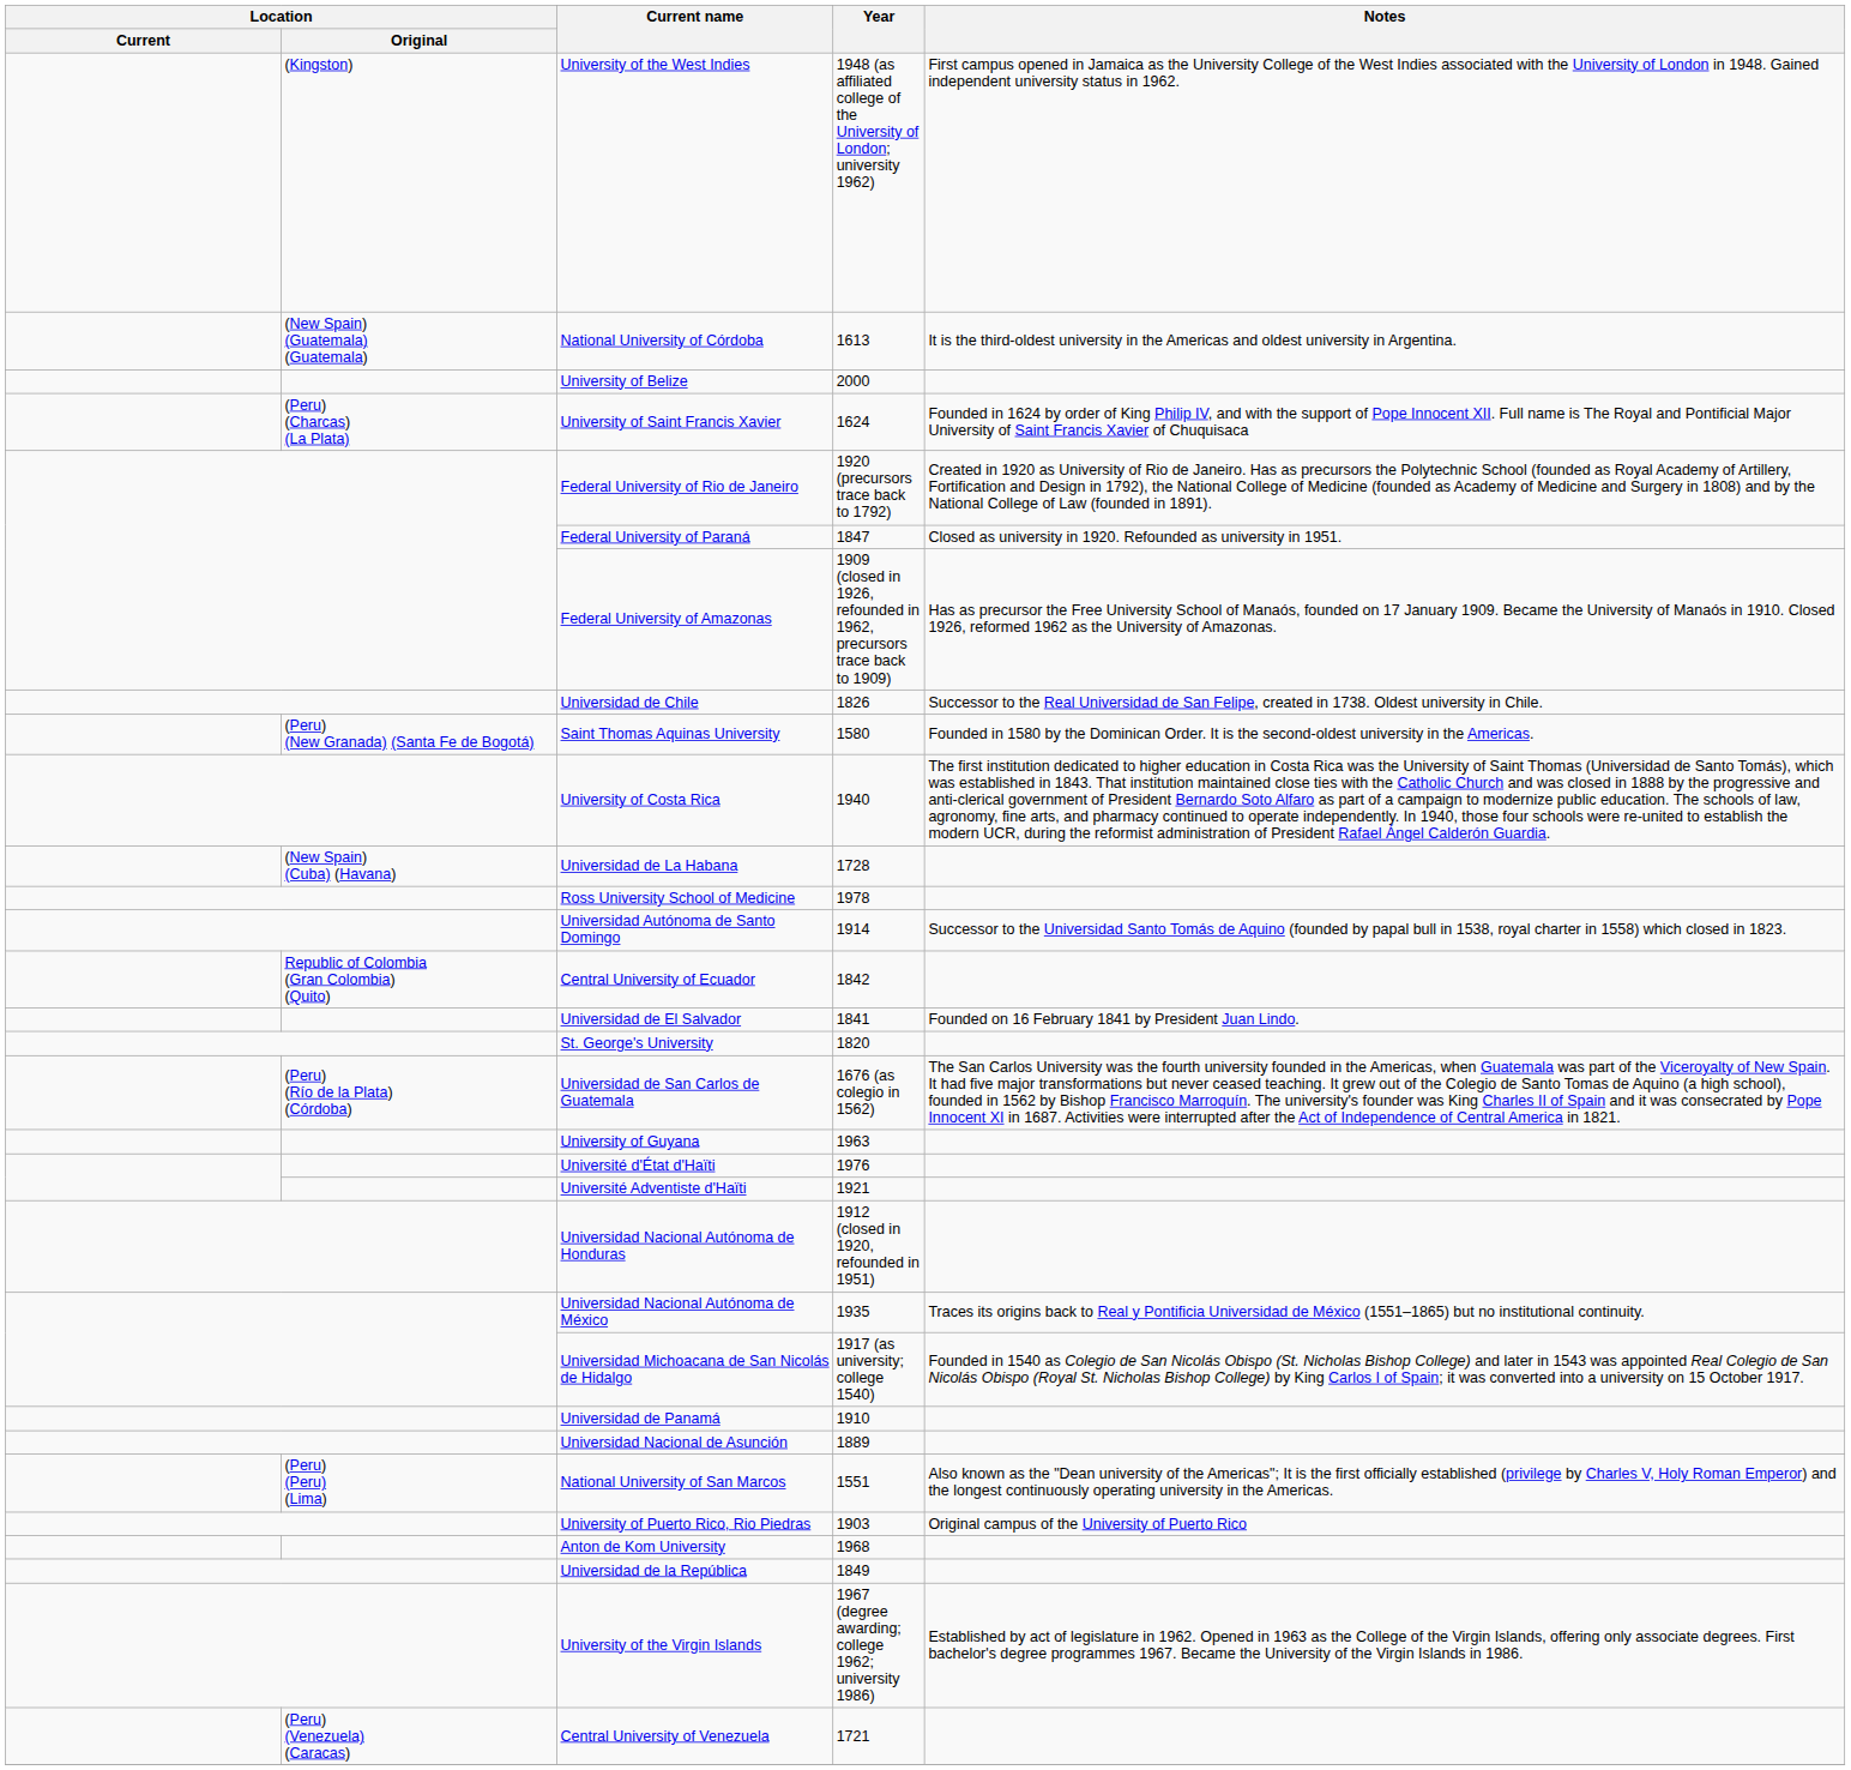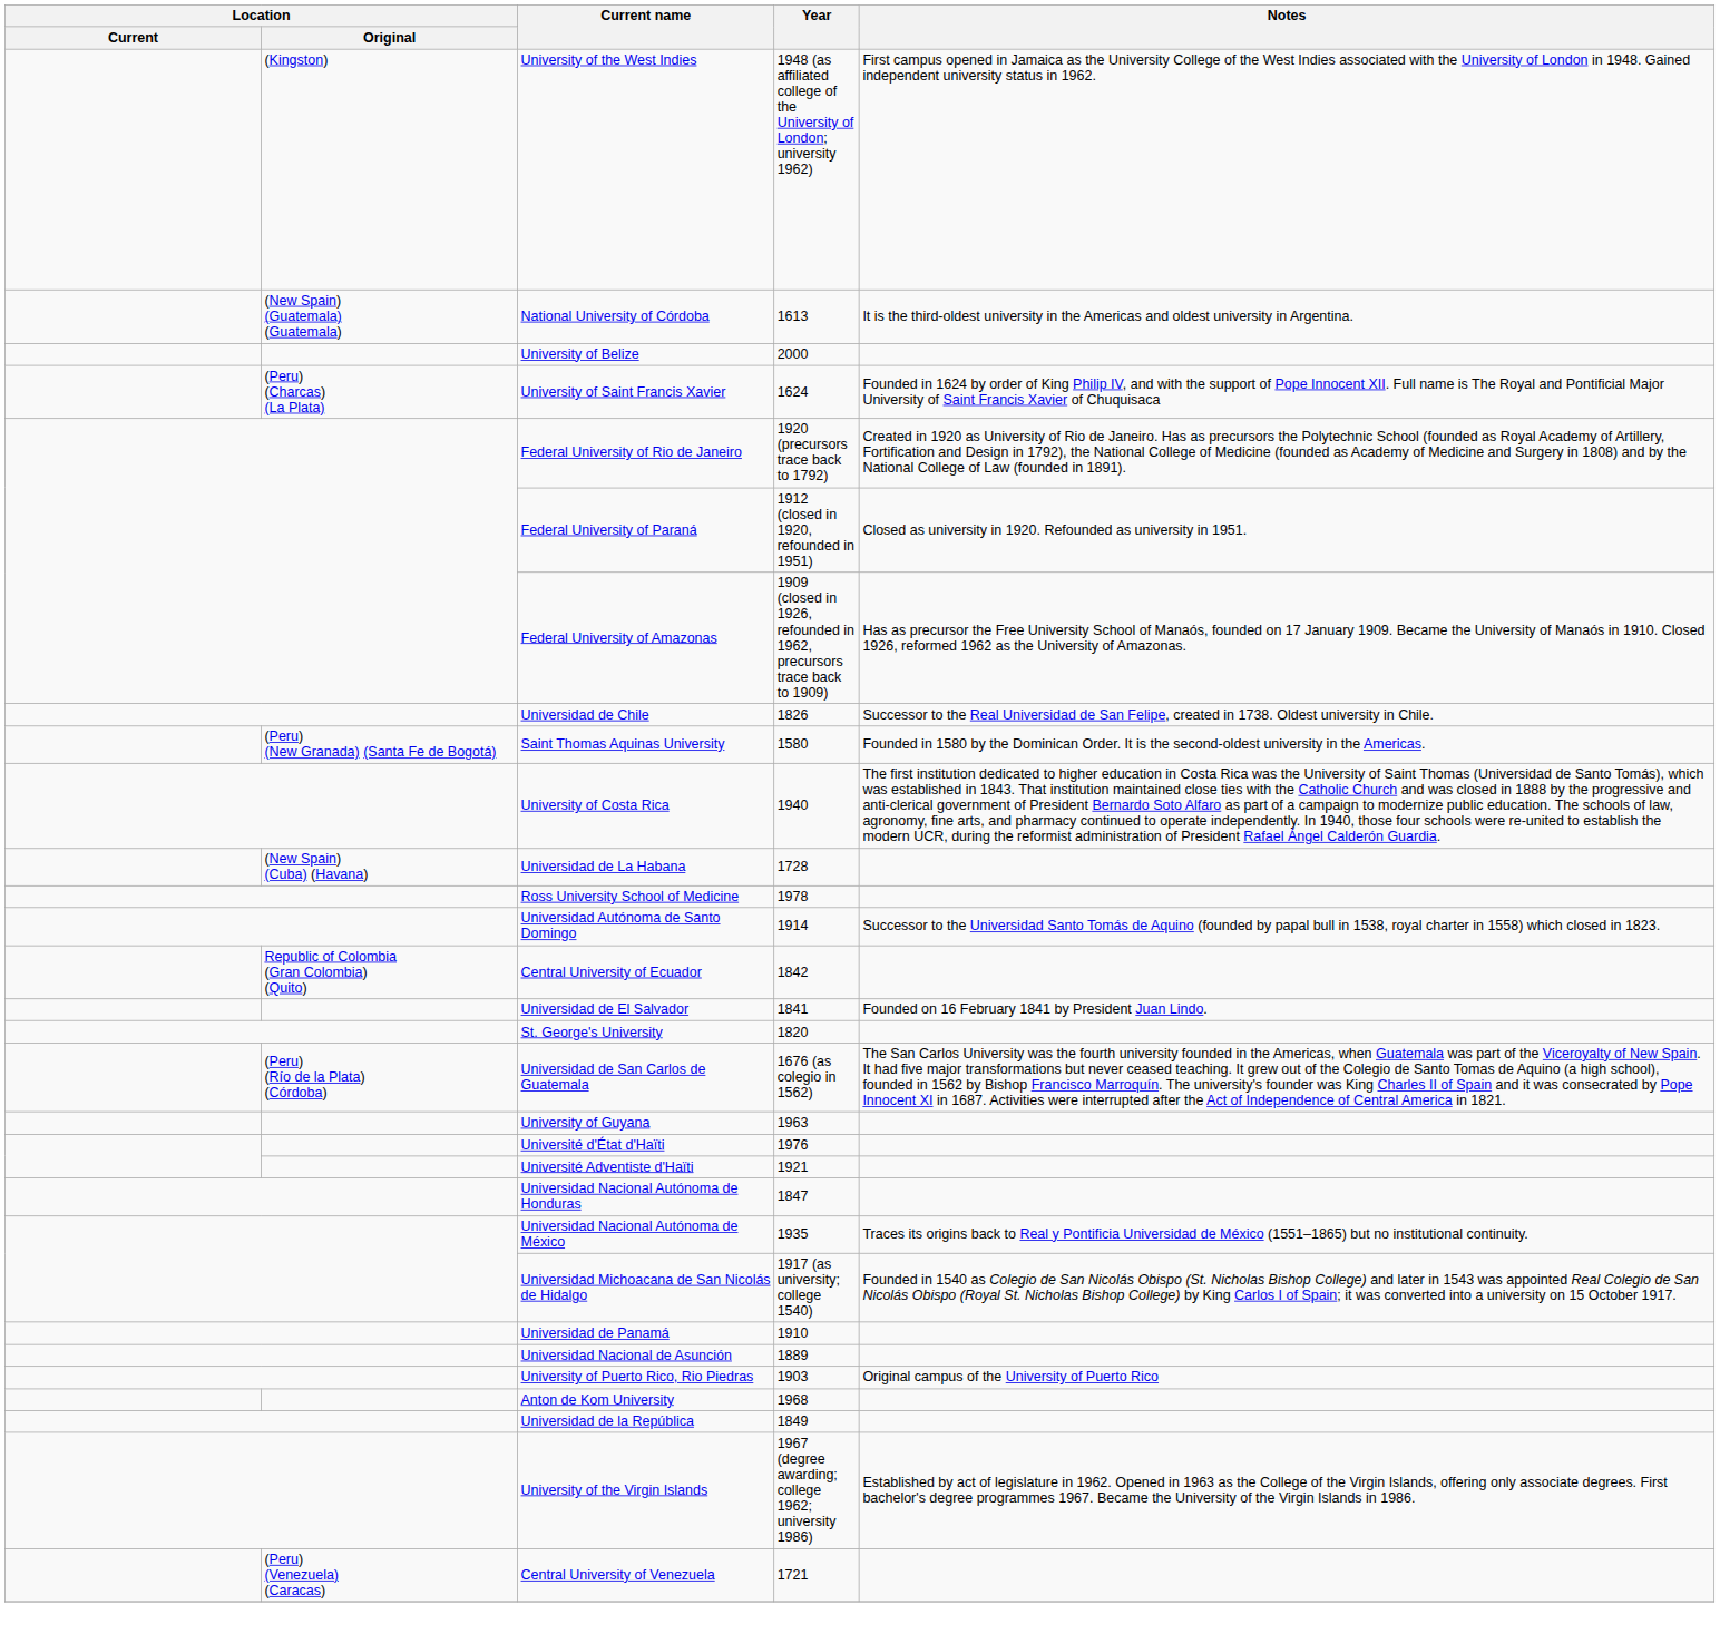 <table class="wikitable sortable">
 <tr valign="top">
 <th colspan=2>Location</th>
 <th width="15%" rowspan=2>Current name</th>
 <th width="5%" rowspan=2>Year</th>
 <th width="50%" rowspan=2>Notes</th>
 </tr>
 <tr>
 <th width="15%">Current</th>
 <th width="15%">Original</th>
 </tr>
 <tr valign="top">
 <td><br><br><br><br><br><br><br><br><br><br><br><br><br><br><br></td>
 <td> (<a href='#'>Kingston</a>)</td>
 <td><a href='#'>University of the West Indies</a></td>
 <td>1948 (as affiliated college of the <a href='#'>University of London</a>; university 1962)</td>
 <td>First campus opened in Jamaica as the University College of the West Indies associated with the <a href='#'>University of London</a> in 1948. Gained independent university status in 1962.</td>
 </tr>
 <tr>
 <td></td>
 <td> (<a href='#'>New Spain</a>)<br><a href='#'>(Guatemala)</a><br>(<a href='#'>Guatemala</a>)</td>
 <td><a href='#'>National University of Córdoba</a></td>
 <td>1613</td>
 <td>It is the third-oldest university in the Americas and oldest university in Argentina.</td>
 </tr>
 <tr>
 <td></td>
 <td></td>
 <td><a href='#'>University of Belize</a></td>
 <td>2000</td>
 <td></td>
 </tr>
 <tr>
 <td></td>
 <td> (<a href='#'>Peru</a>)<br>(<a href='#'>Charcas</a>)<br><a href='#'>(La Plata)</a></td>
 <td><a href='#'>University of Saint Francis Xavier</a></td>
 <td>1624</td>
 <td>Founded in 1624 by order of King <a href='#'>Philip IV</a>, and with the support of <a href='#'>Pope Innocent XII</a>. Full name is The Royal and Pontificial Major University of <a href='#'>Saint Francis Xavier</a> of Chuquisaca</td>
 </tr>
 <tr>
 <td colspan="2" rowspan="3"></td>
 <td><a href='#'>Federal University of Rio de Janeiro</a></td>
 <td>1920 (precursors trace back to 1792)</td>
 <td>Created in 1920 as University of Rio de Janeiro. Has as precursors the Polytechnic School (founded as Royal Academy of Artillery, Fortification and Design in 1792), the National College of Medicine (founded as Academy of Medicine and Surgery in 1808) and by the National College of Law (founded in 1891).</td>
 </tr>
 <tr>
 <td><a href='#'>Federal University of Paraná</a></td>
-<td>1847</td>
+<td>1912 (closed in 1920, refounded in 1951)</td>
 <td>Closed as university in 1920. Refounded as university in 1951.</td>
 </tr>
 <tr>
 <td><a href='#'>Federal University of Amazonas</a></td>
 <td>1909 (closed in 1926, refounded in 1962, precursors trace back to 1909)</td>
 <td>Has as precursor the Free University School of Manaós, founded on 17 January 1909. Became the University of Manaós in 1910. Closed 1926, reformed 1962 as the University of Amazonas.</td>
 </tr>
 <tr>
 <td colspan="2"></td>
 <td><a href='#'>Universidad de Chile</a></td>
 <td>1826</td>
 <td>Successor to the <a href='#'>Real Universidad de San Felipe</a>, created in 1738. Oldest university in Chile.</td>
 </tr>
 <tr>
 <td></td>
 <td> (<a href='#'>Peru</a>)<br><a href='#'>(New Granada)</a> <a href='#'>(Santa Fe de Bogotá)</a></td>
 <td><a href='#'>Saint Thomas Aquinas University</a></td>
 <td>1580</td>
 <td>Founded in 1580 by the Dominican Order. It is the second-oldest university in the <a href='#'>Americas</a>.</td>
 </tr>
 <tr>
 <td colspan="2"></td>
 <td><a href='#'>University of Costa Rica</a></td>
 <td>1940</td>
 <td>The first institution dedicated to higher education in Costa Rica was the University of Saint Thomas (Universidad de Santo Tomás), which was established in 1843. That institution maintained close ties with the <a href='#'>Catholic Church</a> and was closed in 1888 by the progressive and anti-clerical government of President <a href='#'>Bernardo Soto Alfaro</a> as part of a campaign to modernize public education. The schools of law, agronomy, fine arts, and pharmacy continued to operate independently. In 1940, those four schools were re-united to establish the modern UCR, during the reformist administration of President <a href='#'>Rafael Ángel Calderón Guardia</a>.</td>
 </tr>
 <tr>
 <td></td>
 <td> (<a href='#'>New Spain</a>)<br><a href='#'>(Cuba)</a> (<a href='#'>Havana</a>)</td>
 <td><a href='#'>Universidad de La Habana</a></td>
 <td>1728</td>
 <td></td>
 </tr>
 <tr>
 <td colspan="2"></td>
 <td><a href='#'>Ross University School of Medicine</a></td>
 <td>1978</td>
 <td></td>
 </tr>
 <tr>
 <td colspan="2"></td>
 <td><a href='#'>Universidad Autónoma de Santo Domingo</a></td>
 <td>1914</td>
 <td>Successor to the <a href='#'>Universidad Santo Tomás de Aquino</a> (founded by papal bull in 1538, royal charter in 1558) which closed in 1823.</td>
 </tr>
 <tr>
 <td></td>
 <td> <a href='#'>Republic of Colombia</a><br>(<a href='#'>Gran Colombia</a>)<br>(<a href='#'>Quito</a>)</td>
 <td><a href='#'>Central University of Ecuador</a></td>
 <td>1842</td>
 <td></td>
 </tr>
 <tr>
 <td></td>
 <td></td>
 <td><a href='#'>Universidad de El Salvador</a></td>
 <td>1841</td>
 <td>Founded on 16 February 1841 by President <a href='#'>Juan Lindo</a>.</td>
 </tr>
 <tr>
 <td colspan="2"></td>
 <td><a href='#'>St. George's University</a></td>
 <td>1820</td>
 <td></td>
 </tr>
 <tr>
 <td></td>
 <td> (<a href='#'>Peru</a>)<br>(<a href='#'>Río de la Plata</a>)<br>(<a href='#'>Córdoba</a>)</td>
 <td><a href='#'>Universidad de San Carlos de Guatemala</a></td>
 <td>1676 (as colegio in 1562)</td>
 <td>The San Carlos University was the fourth university founded in the Americas, when <a href='#'>Guatemala</a> was part of the <a href='#'>Viceroyalty of New Spain</a>. It had five major transformations but never ceased teaching. It grew out of the Colegio de Santo Tomas de Aquino (a high school), founded in 1562 by Bishop <a href='#'>Francisco Marroquín</a>. The university's founder was King <a href='#'>Charles II of Spain</a> and it was consecrated by <a href='#'>Pope Innocent XI</a> in 1687. Activities were interrupted after the <a href='#'>Act of Independence of Central America</a> in 1821.</td>
 </tr>
 <tr>
 <td></td>
 <td></td>
 <td><a href='#'>University of Guyana</a></td>
 <td>1963</td>
 <td></td>
 </tr>
 <tr>
 <td rowspan="2"></td>
 <td></td>
 <td><a href='#'>Université d'État d'Haïti</a></td>
 <td>1976</td>
 <td></td>
 </tr>
 <tr>
 <td></td>
 <td><a href='#'>Université Adventiste d'Haïti</a></td>
 <td>1921</td>
 <td></td>
 </tr>
 <tr>
 <td colspan="2"></td>
 <td><a href='#'>Universidad Nacional Autónoma de Honduras</a></td>
-<td>1912 (closed in 1920, refounded in 1951)</td>
+<td>1847</td>
 <td></td>
 </tr>
 <tr>
 <td colspan="2" rowspan="2"></td>
 <td><a href='#'>Universidad Nacional Autónoma de México</a></td>
 <td>1935</td>
 <td>Traces its origins back to <a href='#'>Real y Pontificia Universidad de México</a> (1551–1865) but no institutional continuity.</td>
 </tr>
 <tr>
 <td><a href='#'>Universidad Michoacana de San Nicolás de Hidalgo</a></td>
 <td>1917 (as university; college 1540)</td>
 <td>Founded in 1540 as <em>Colegio de San Nicolás Obispo (St. Nicholas Bishop College)</em> and later in 1543 was appointed <em>Real Colegio de San Nicolás Obispo (Royal St. Nicholas Bishop College)</em> by King <a href='#'>Carlos I of Spain</a>; it was converted into a university on 15 October 1917.</td>
 </tr>
 <tr>
 <td colspan="2"></td>
 <td><a href='#'>Universidad de Panamá</a></td>
 <td>1910</td>
 <td></td>
 </tr>
 <tr>
 <td colspan="2"></td>
 <td><a href='#'>Universidad Nacional de Asunción</a></td>
 <td>1889</td>
 <td></td>
-</tr>
-<tr>
-<td></td>
-<td> (<a href='#'>Peru</a>)<br><a href='#'>(Peru)</a><br>(<a href='#'>Lima</a>)</td>
-<td><a href='#'>National University of San Marcos</a></td>
-<td>1551</td>
-<td>Also known as the "Dean university of the Americas"; It is the first officially established (<a href='#'>privilege</a> by <a href='#'>Charles V, Holy Roman Emperor</a>) and the longest continuously operating university in the Americas.</td>
 </tr>
 <tr>
 <td colspan="2"></td>
 <td><a href='#'>University of Puerto Rico, Rio Piedras</a></td>
 <td>1903</td>
 <td>Original campus of the <a href='#'>University of Puerto Rico</a></td>
 </tr>
 <tr>
 <td></td>
 <td></td>
 <td><a href='#'>Anton de Kom University</a></td>
 <td>1968</td>
 <td></td>
 </tr>
 <tr>
 <td colspan="2"></td>
 <td><a href='#'>Universidad de la República</a></td>
 <td>1849</td>
 <td></td>
 </tr>
 <tr>
 <td colspan="2"></td>
 <td><a href='#'>University of the Virgin Islands</a></td>
 <td>1967 (degree awarding; college 1962; university 1986)</td>
 <td>Established by act of legislature in 1962. Opened in 1963 as the College of the Virgin Islands, offering only associate degrees. First bachelor's degree programmes 1967. Became the University of the Virgin Islands in 1986.</td>
 </tr>
 <tr>
 <td></td>
 <td> (<a href='#'>Peru</a>)<br><a href='#'>(Venezuela)</a><br>(<a href='#'>Caracas</a>)</td>
 <td><a href='#'>Central University of Venezuela</a></td>
 <td>1721</td>
 <td></td>
 </tr>
 <tr>
 </tr>
 </table>
